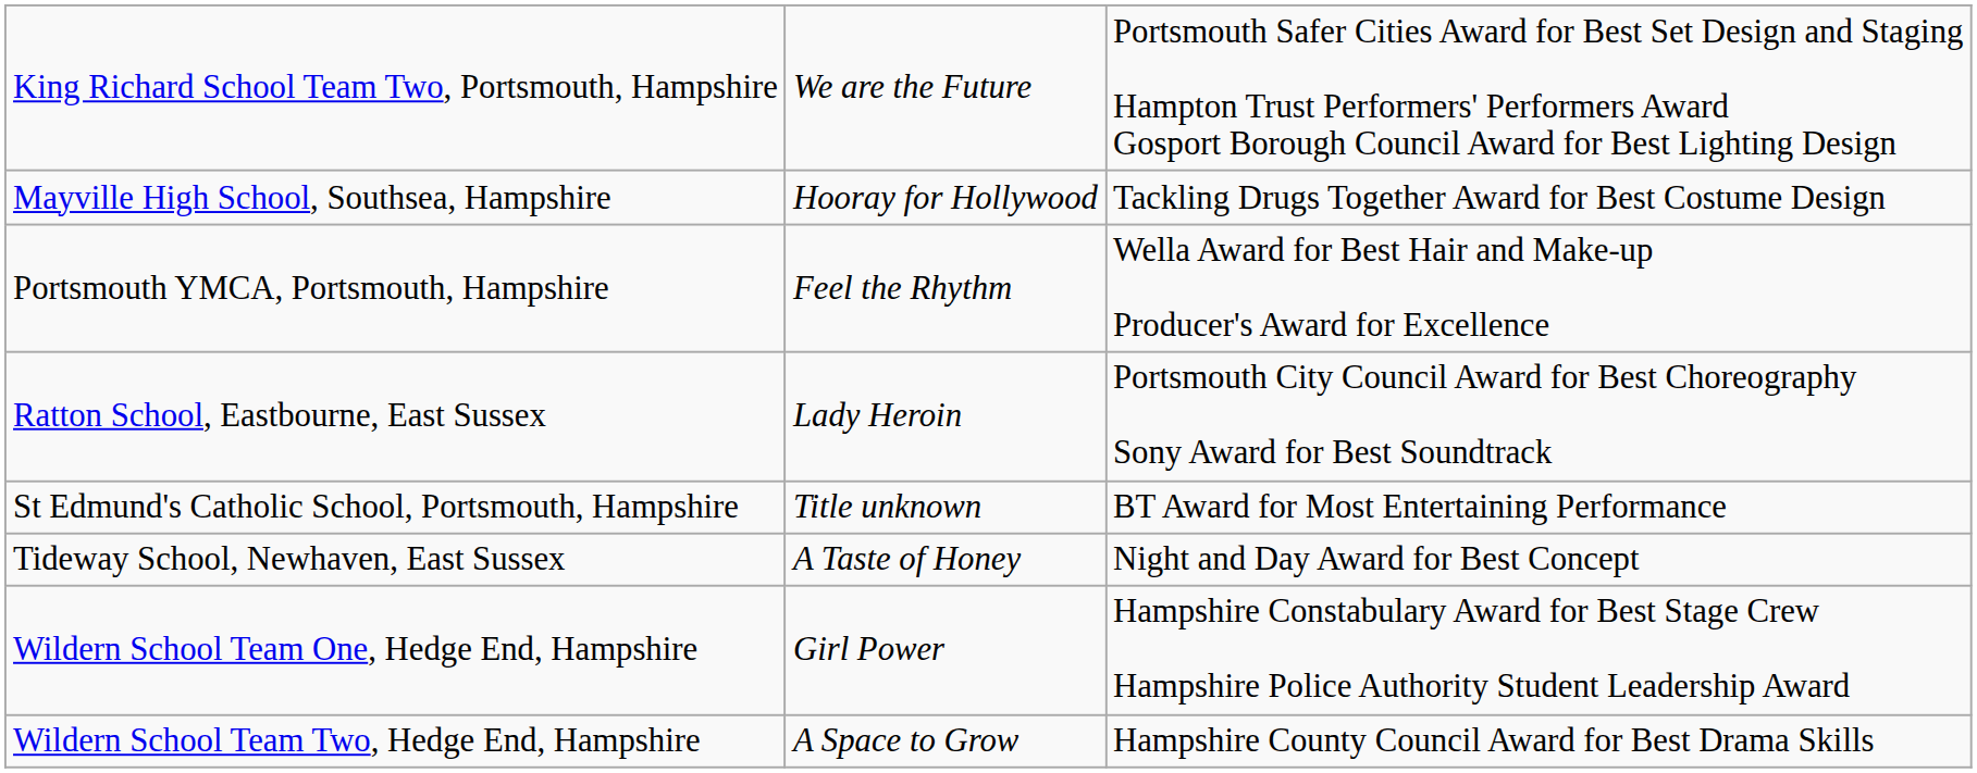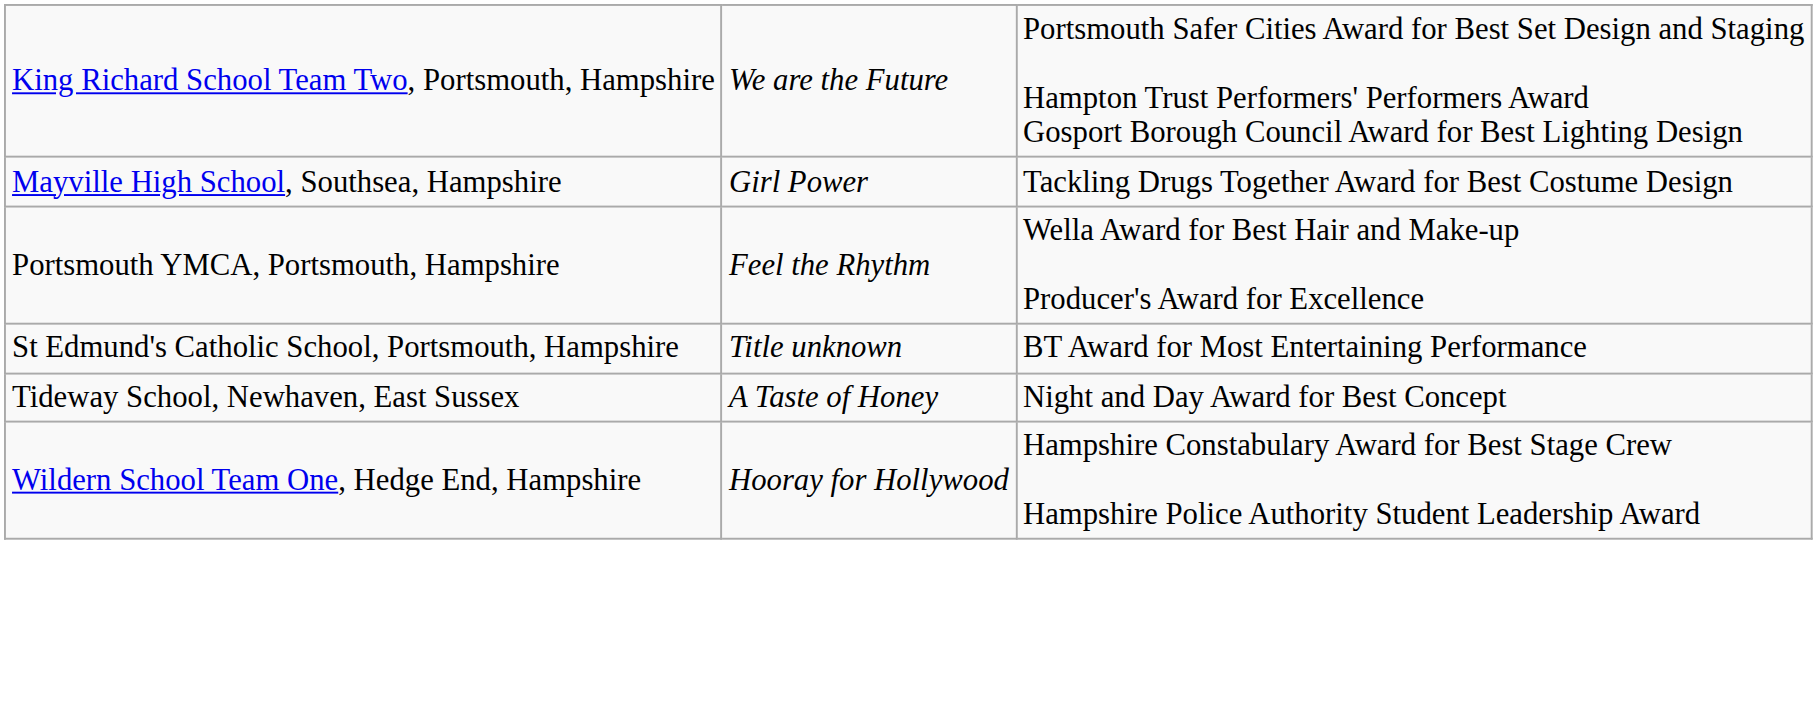 <table class="wikitable">
 <tr>
 <td><a href='#'>King Richard School Team Two</a>, Portsmouth, Hampshire</td>
 <td><em>We are the Future</em></td>
 <td>Portsmouth Safer Cities Award for Best Set Design and Staging<br><br>Hampton Trust Performers' Performers Award<br> Gosport Borough Council Award for Best Lighting Design</td>
 </tr>
 <tr>
 <td><a href='#'>Mayville High School</a>, Southsea, Hampshire</td>
-<td><em>Hooray for Hollywood</em></td>
+<td><em>Girl Power</em></td>
 <td>Tackling Drugs Together Award for Best Costume Design</td>
 </tr>
 <tr>
 <td>Portsmouth YMCA, Portsmouth, Hampshire</td>
 <td><em>Feel the Rhythm</em></td>
 <td>Wella Award for Best Hair and Make-up<br><br>Producer's Award for Excellence</td>
-</tr>
-<tr>
-<td><a href='#'>Ratton School</a>, Eastbourne, East Sussex</td>
-<td><em>Lady Heroin</em></td>
-<td>Portsmouth City Council Award for Best Choreography<br><br>Sony Award for Best Soundtrack</td>
 </tr>
 <tr>
 <td>St Edmund's Catholic School, Portsmouth, Hampshire</td>
 <td><em>Title unknown</em></td>
 <td>BT Award for Most Entertaining Performance</td>
 </tr>
 <tr>
 <td>Tideway School, Newhaven, East Sussex</td>
 <td><em>A Taste of Honey</em></td>
 <td>Night and Day Award for Best Concept</td>
 </tr>
 <tr>
 <td><a href='#'>Wildern School Team One</a>, Hedge End, Hampshire</td>
-<td><em>Girl Power</em></td>
+<td><em>Hooray for Hollywood</em></td>
 <td>Hampshire Constabulary Award for Best Stage Crew<br><br>Hampshire Police Authority Student Leadership Award</td>
 </tr>
-<tr>
-<td><a href='#'>Wildern School Team Two</a>, Hedge End, Hampshire</td>
-<td><em>A Space to Grow</em></td>
-<td>Hampshire County Council Award for Best Drama Skills</td>
-</tr>
 </table>
